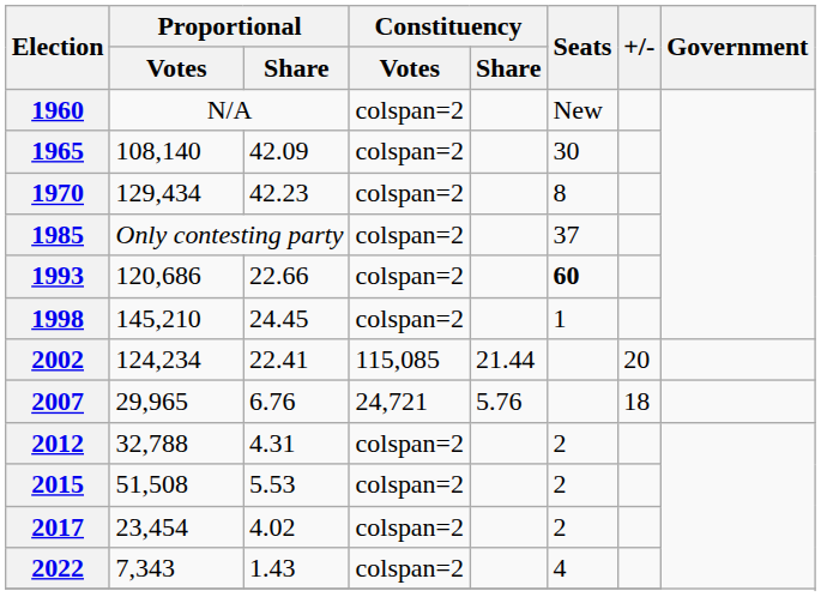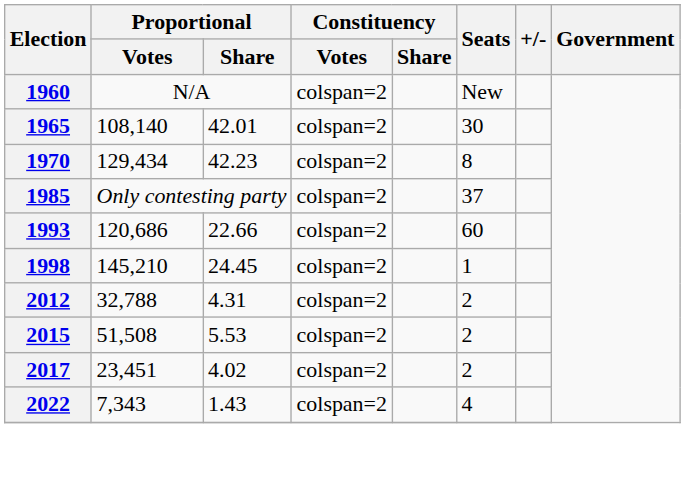 <table class="wikitable">
 <tr>
 <th rowspan=2>Election</th>
 <th colspan=2>Proportional</th>
 <th colspan=2>Constituency</th>
 <th rowspan=2>Seats</th>
 <th rowspan=2>+/-</th>
 <th rowspan=2>Government</th>
 </tr>
 <tr>
 <th>Votes</th>
 <th>Share</th>
 <th>Votes</th>
 <th>Share</th>
 </tr>
 <tr>
 <th><a href='#'>1960</a></th>
 <td colspan=2 align="center">N/A</td>
 <td>colspan=2 </td>
 <td></td>
 <td>New</td>
 <td></td>
 </tr>
 <tr>
 <th><a href='#'>1965</a></th>
 <td>108,140</td>
-<td>42.09</td>
+<td>42.01</td>
 <td>colspan=2 </td>
 <td></td>
 <td> 30</td>
 <td></td>
 </tr>
 <tr>
 <th><a href='#'>1970</a></th>
 <td>129,434</td>
 <td>42.23</td>
 <td>colspan=2 </td>
 <td></td>
 <td> 8</td>
 <td></td>
 </tr>
 <tr>
 <th><a href='#'>1985</a></th>
 <td colspan=2><em>Only contesting party</em></td>
 <td>colspan=2 </td>
 <td></td>
 <td> 37</td>
 <td></td>
 </tr>
 <tr>
 <th><a href='#'>1993</a></th>
 <td>120,686</td>
 <td>22.66</td>
 <td>colspan=2 </td>
 <td></td>
-<td><strong> 60</strong></td>
+<td> 60</td>
 <td></td>
 </tr>
 <tr>
 <th><a href='#'>1998</a></th>
 <td>145,210</td>
 <td>24.45</td>
 <td>colspan=2 </td>
 <td></td>
 <td> 1</td>
-<td></td>
-</tr>
-<tr>
-<th><a href='#'>2002</a></th>
-<td>124,234</td>
-<td>22.41</td>
-<td>115,085</td>
-<td>21.44</td>
-<td></td>
-<td> 20</td>
-<td></td>
-</tr>
-<tr>
-<th><a href='#'>2007</a></th>
-<td>29,965</td>
-<td>6.76</td>
-<td>24,721</td>
-<td>5.76</td>
-<td></td>
-<td> 18</td>
 <td></td>
 </tr>
 <tr>
 <th><a href='#'>2012</a></th>
 <td>32,788</td>
 <td>4.31</td>
 <td>colspan=2 </td>
 <td></td>
 <td> 2</td>
 <td></td>
 </tr>
 <tr>
 <th><a href='#'>2015</a></th>
 <td>51,508</td>
 <td>5.53</td>
 <td>colspan=2 </td>
 <td></td>
 <td> 2</td>
 <td></td>
 </tr>
 <tr>
 <th><a href='#'>2017</a></th>
-<td>23,454</td>
+<td>23,451</td>
 <td>4.02</td>
 <td>colspan=2 </td>
 <td></td>
 <td> 2</td>
 <td></td>
 </tr>
 <tr>
 <th><a href='#'>2022</a></th>
 <td>7,343</td>
 <td>1.43</td>
 <td>colspan=2 </td>
 <td></td>
 <td> 4</td>
 <td></td>
 </tr>
 <tr>
 </tr>
 </table>
